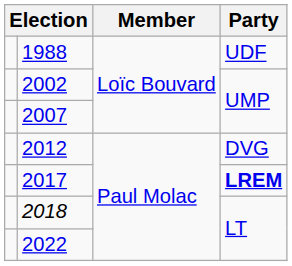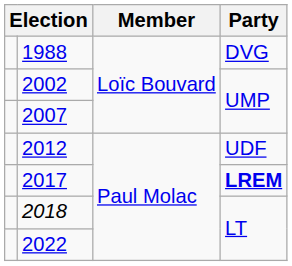 <table class="wikitable">
 <tr>
 <th colspan="2">Election</th>
 <th>Member</th>
 <th>Party</th>
 </tr>
 <tr>
 <td style="color:inherit;background-color: "></td>
 <td><a href='#'>1988</a></td>
 <td rowspan="3"><a href='#'>Loïc Bouvard</a></td>
-<td><a href='#'>UDF</a></td>
+<td><a href='#'>DVG</a></td>
 </tr>
 <tr>
 <td style="color:inherit;background-color: "></td>
 <td><a href='#'>2002</a></td>
 <td rowspan="2"><a href='#'>UMP</a></td>
 </tr>
 <tr>
 <td style="color:inherit;background-color: "></td>
 <td><a href='#'>2007</a></td>
 </tr>
 <tr>
 <td style="color:inherit;background-color: "></td>
 <td><a href='#'>2012</a></td>
 <td rowspan="4"><a href='#'>Paul Molac</a></td>
-<td><a href='#'>DVG</a></td>
+<td><a href='#'>UDF</a></td>
 </tr>
 <tr>
 <td style="color:inherit;background-color: "></td>
 <td><a href='#'>2017</a></td>
 <td><strong><a href='#'>LREM</a></strong></td>
 </tr>
 <tr>
 <td style="color:inherit;background-color: "></td>
 <td><em>2018</em></td>
 <td rowspan="2"><a href='#'>LT</a></td>
 </tr>
 <tr>
 <td style="color:inherit;background-color: "></td>
 <td><a href='#'>2022</a></td>
 </tr>
 </table>
